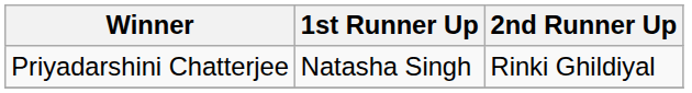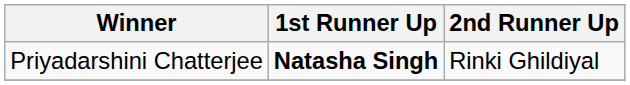 <table class="wikitable">
 <tr>
 <th>Winner</th>
 <th>1st Runner Up</th>
 <th>2nd Runner Up</th>
 </tr>
 <tr roshni>
 <td>Priyadarshini Chatterjee</td>
-<td>Natasha Singh</td>
+<td><strong>Natasha Singh</strong></td>
 <td>Rinki Ghildiyal</td>
 </tr>
 <tr>
 </tr>
 </table>
